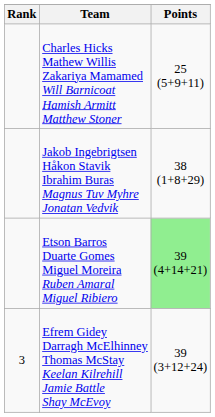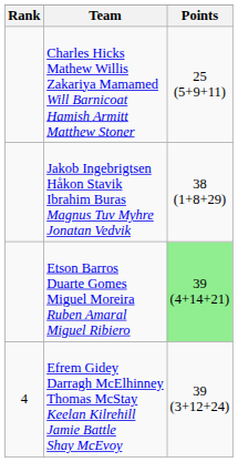 <table class="wikitable" style="text-align:center;">
 <tr>
 </tr>
 <tr>
 <th>Rank</th>
 <th>Team</th>
 <th>Points</th>
 </tr>
 <tr>
 <td></td>
 <td align=left><br><a href='#'>Charles Hicks</a><br><a href='#'>Mathew Willis</a><br><a href='#'>Zakariya Mamamed</a><br><em><a href='#'>Will Barnicoat</a></em><br><em><a href='#'>Hamish Armitt</a></em><br><em><a href='#'>Matthew Stoner</a></em></td>
 <td>25<br>(5+9+11)</td>
 </tr>
 <tr>
 <td></td>
 <td align=left><br><a href='#'>Jakob Ingebrigtsen</a><br><a href='#'>Håkon Stavik</a><br><a href='#'>Ibrahim Buras</a><br><em><a href='#'>Magnus Tuv Myhre</a></em><br><em><a href='#'>Jonatan Vedvik</a></em></td>
 <td>38<br>(1+8+29)</td>
 </tr>
 <tr>
 <td></td>
 <td align=left><br><a href='#'>Etson Barros</a><br><a href='#'>Duarte Gomes</a><br><a href='#'>Miguel Moreira</a><br><em><a href='#'>Ruben Amaral</a></em><br><em><a href='#'>Miguel Ribiero</a></em></td>
 <td style="background: lightgreen;">39<br>(4+14+21)</td>
 </tr>
 <tr>
-<td>3</td>
+<td>4</td>
 <td align=left><br><a href='#'>Efrem Gidey</a><br><a href='#'>Darragh McElhinney</a><br><a href='#'>Thomas McStay</a><br><em><a href='#'>Keelan Kilrehill</a></em><br><em><a href='#'>Jamie Battle</a></em><br><em><a href='#'>Shay McEvoy</a></em></td>
 <td>39<br>(3+12+24)</td>
 </tr>
 </table>
